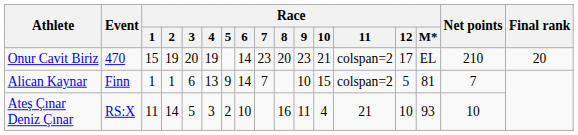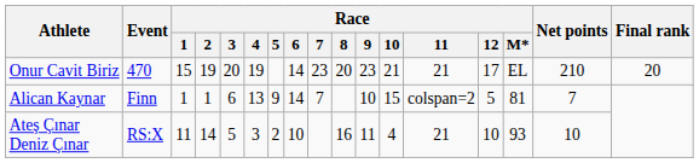 <table class="wikitable" style="font-size:90%">
 <tr>
 <th rowspan="2">Athlete</th>
 <th rowspan="2">Event</th>
 <th colspan=13>Race</th>
 <th rowspan=2>Net points</th>
 <th rowspan=2>Final rank</th>
 </tr>
 <tr style="font-size:95%">
 <th>1</th>
 <th>2</th>
 <th>3</th>
 <th>4</th>
 <th>5</th>
 <th>6</th>
 <th>7</th>
 <th>8</th>
 <th>9</th>
 <th>10</th>
 <th>11</th>
 <th>12</th>
 <th>M*</th>
 </tr>
 <tr align=center>
 <td align=left><a href='#'>Onur Cavit Biriz</a></td>
 <td align=left><a href='#'>470</a></td>
 <td>15</td>
 <td>19</td>
 <td>20</td>
 <td>19</td>
 <td></td>
 <td>14</td>
 <td>23</td>
 <td>20</td>
 <td>23</td>
 <td>21</td>
-<td>colspan=2 </td>
+<td>21</td>
 <td>17</td>
 <td>EL</td>
 <td>210</td>
 <td>20</td>
 </tr>
 <tr align=center>
 <td align=left><a href='#'>Alican Kaynar</a></td>
 <td align=left><a href='#'>Finn</a></td>
 <td>1</td>
 <td>1</td>
 <td>6</td>
 <td>13</td>
 <td>9</td>
 <td>14</td>
 <td>7</td>
 <td></td>
 <td>10</td>
 <td>15</td>
 <td>colspan=2 </td>
 <td>5</td>
 <td>81</td>
 <td>7</td>
 </tr>
 <tr align=center>
 <td align=left><a href='#'>Ateş Çınar</a><br><a href='#'>Deniz Çınar</a></td>
 <td align=left><a href='#'>RS:X</a></td>
 <td>11</td>
 <td>14</td>
 <td>5</td>
 <td>3</td>
 <td>2</td>
 <td>10</td>
 <td></td>
 <td>16</td>
 <td>11</td>
 <td>4</td>
 <td>21</td>
 <td>10</td>
 <td>93</td>
 <td>10</td>
 </tr>
 </table>
